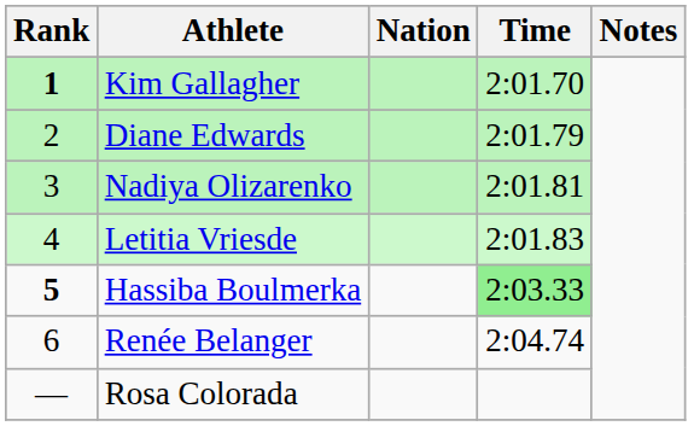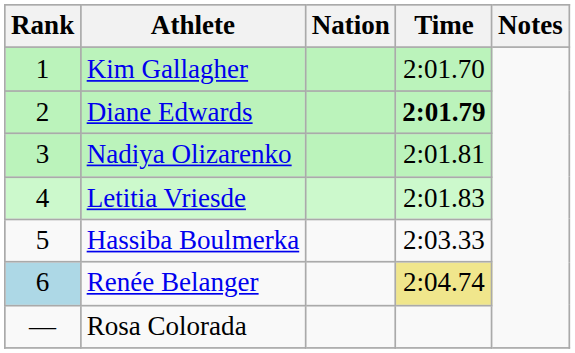 <table class="wikitable sortable" style="text-align:center">
 <tr>
 <th>Rank</th>
 <th>Athlete</th>
 <th>Nation</th>
 <th>Time</th>
 <th>Notes</th>
 </tr>
 <tr style="background:#bbf3bb;">
-<td><strong>1</strong></td>
+<td>1</td>
 <td align=left><a href='#'>Kim Gallagher</a></td>
 <td align=left></td>
 <td>2:01.70</td>
 </tr>
 <tr style="background:#bbf3bb;">
 <td>2</td>
 <td align=left><a href='#'>Diane Edwards</a></td>
 <td align=left></td>
-<td>2:01.79</td>
+<td><strong>2:01.79</strong></td>
 </tr>
 <tr style="background:#bbf3bb;">
 <td>3</td>
 <td align=left><a href='#'>Nadiya Olizarenko</a></td>
 <td align=left></td>
 <td>2:01.81</td>
 </tr>
 <tr style="background:#ccf9cc;">
 <td>4</td>
 <td align=left><a href='#'>Letitia Vriesde</a></td>
 <td align=left></td>
 <td>2:01.83</td>
 </tr>
 <tr>
-<td><strong>5</strong></td>
+<td>5</td>
 <td align=left><a href='#'>Hassiba Boulmerka</a></td>
 <td align=left></td>
-<td style="background: lightgreen;">2:03.33</td>
+<td>2:03.33</td>
 </tr>
 <tr>
-<td>6</td>
+<td style="background: lightblue;">6</td>
 <td align=left><a href='#'>Renée Belanger</a></td>
 <td align=left></td>
-<td>2:04.74</td>
+<td style="background: khaki;">2:04.74</td>
 </tr>
 <tr>
 <td align="center">—</td>
 <td align=left>Rosa Colorada</td>
 <td align=left></td>
 <td></td>
 </tr>
 </table>
